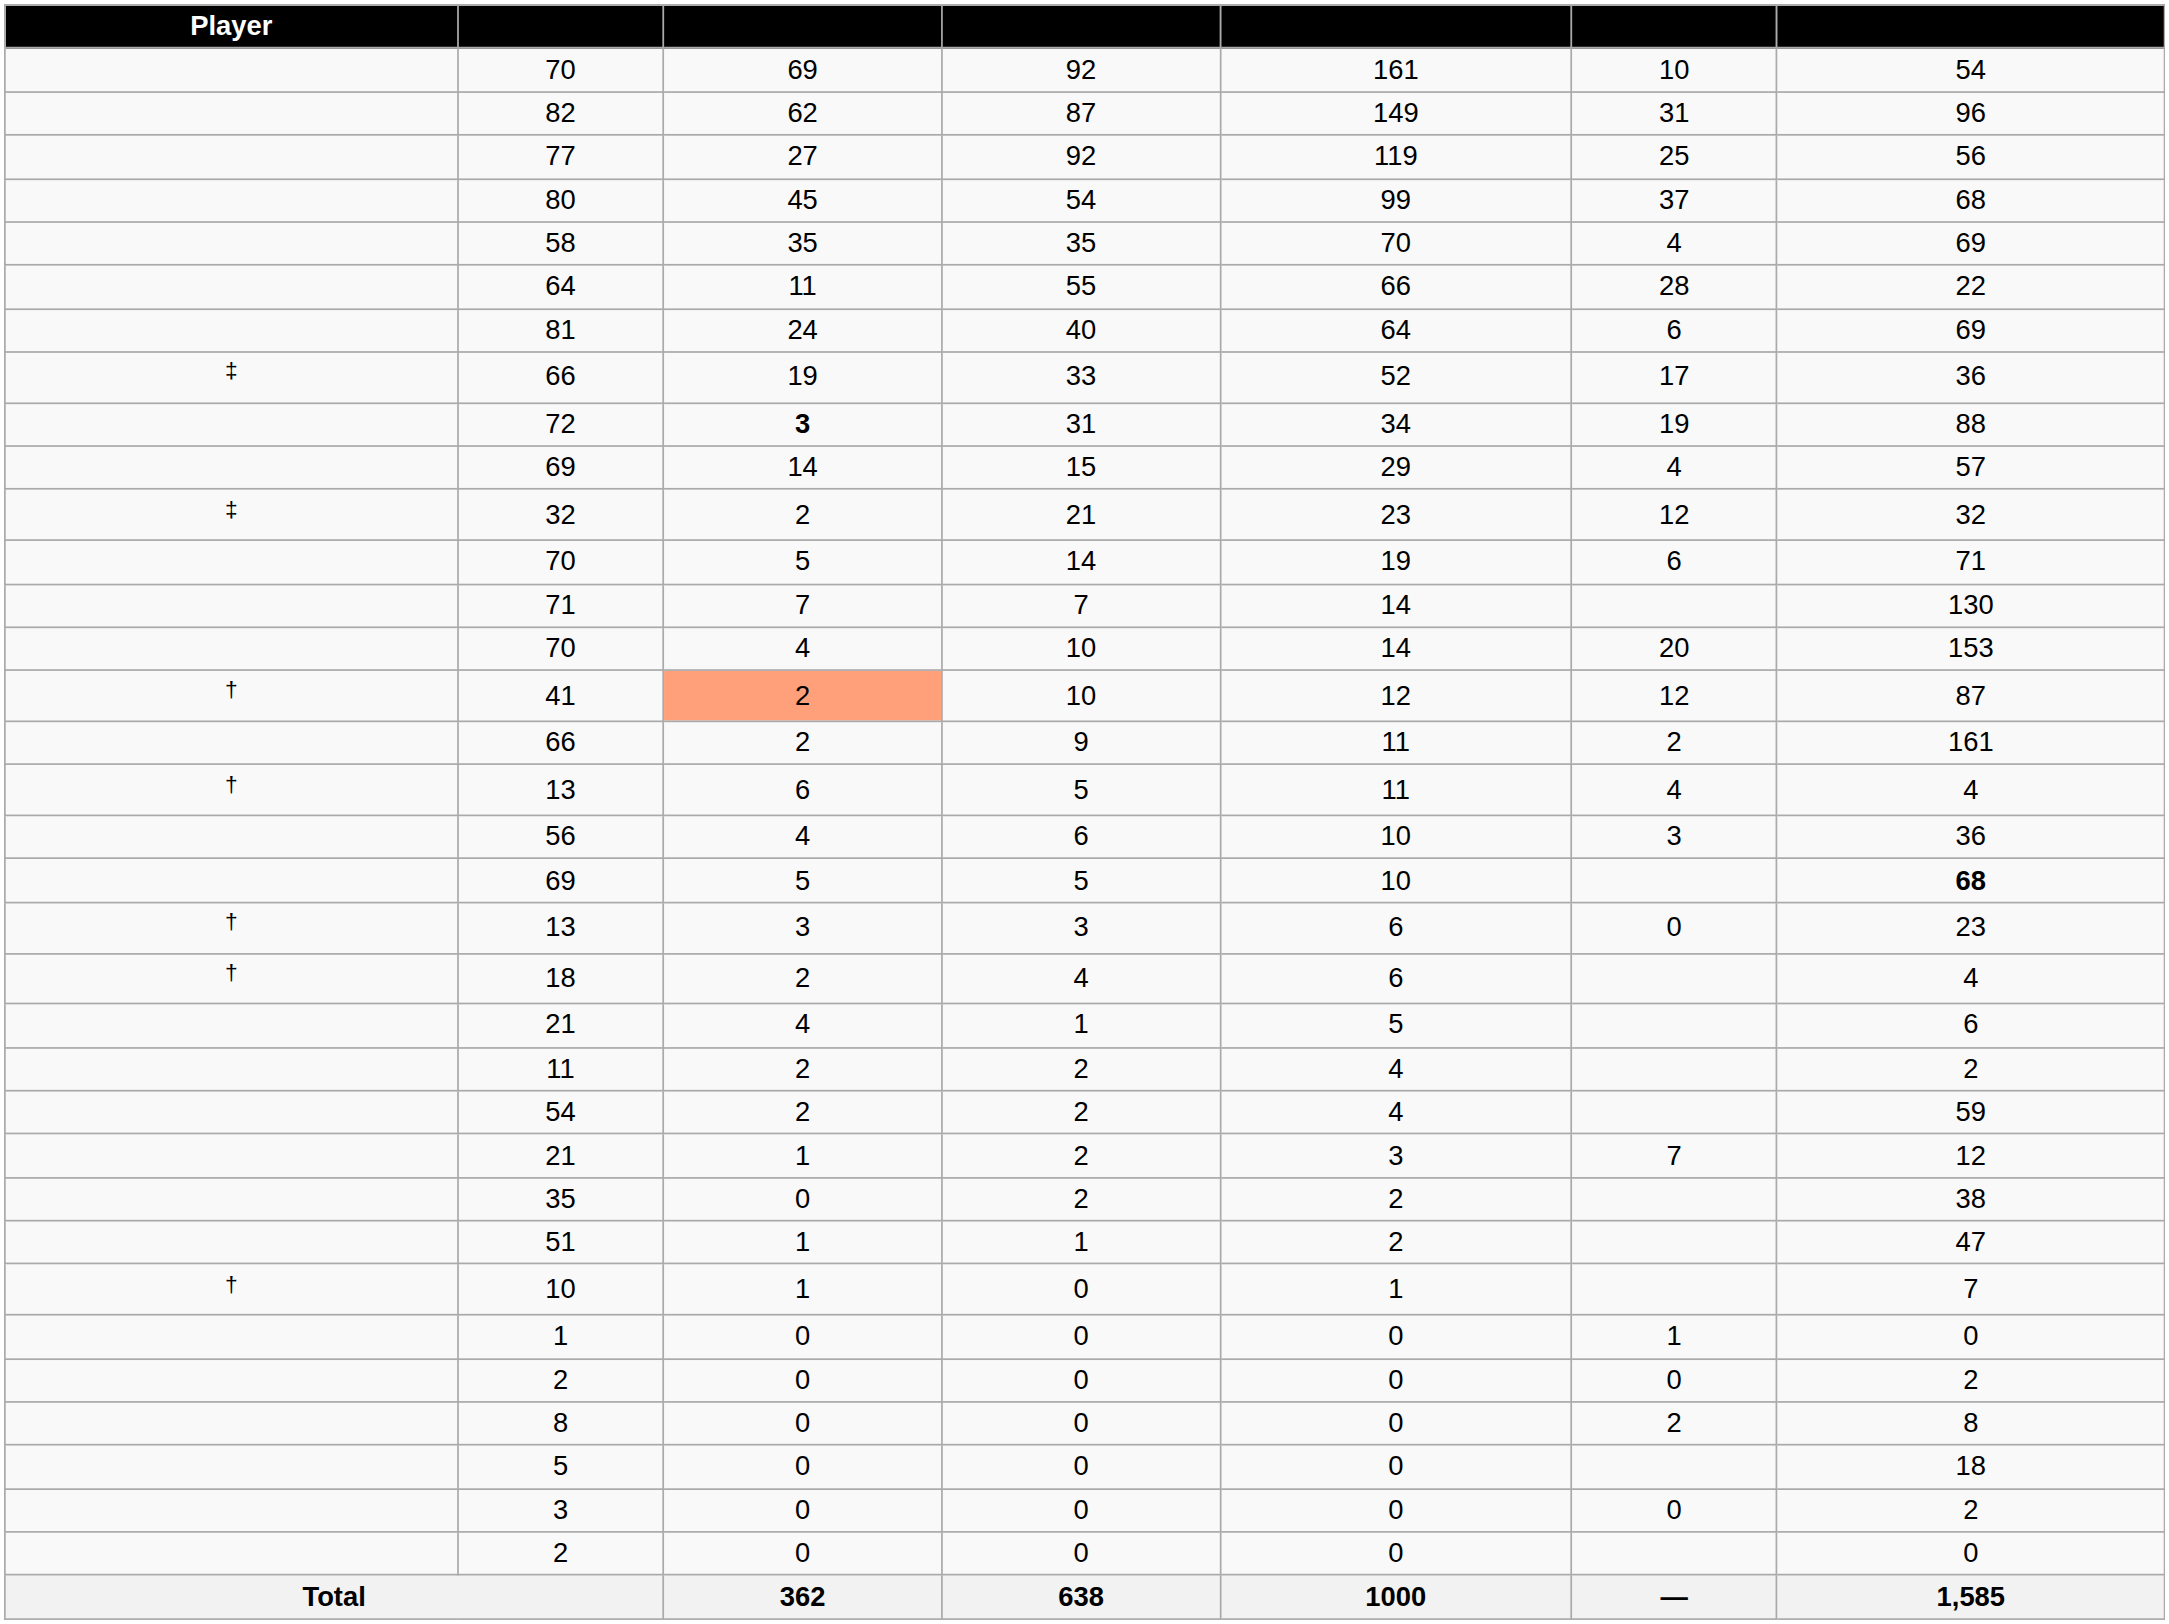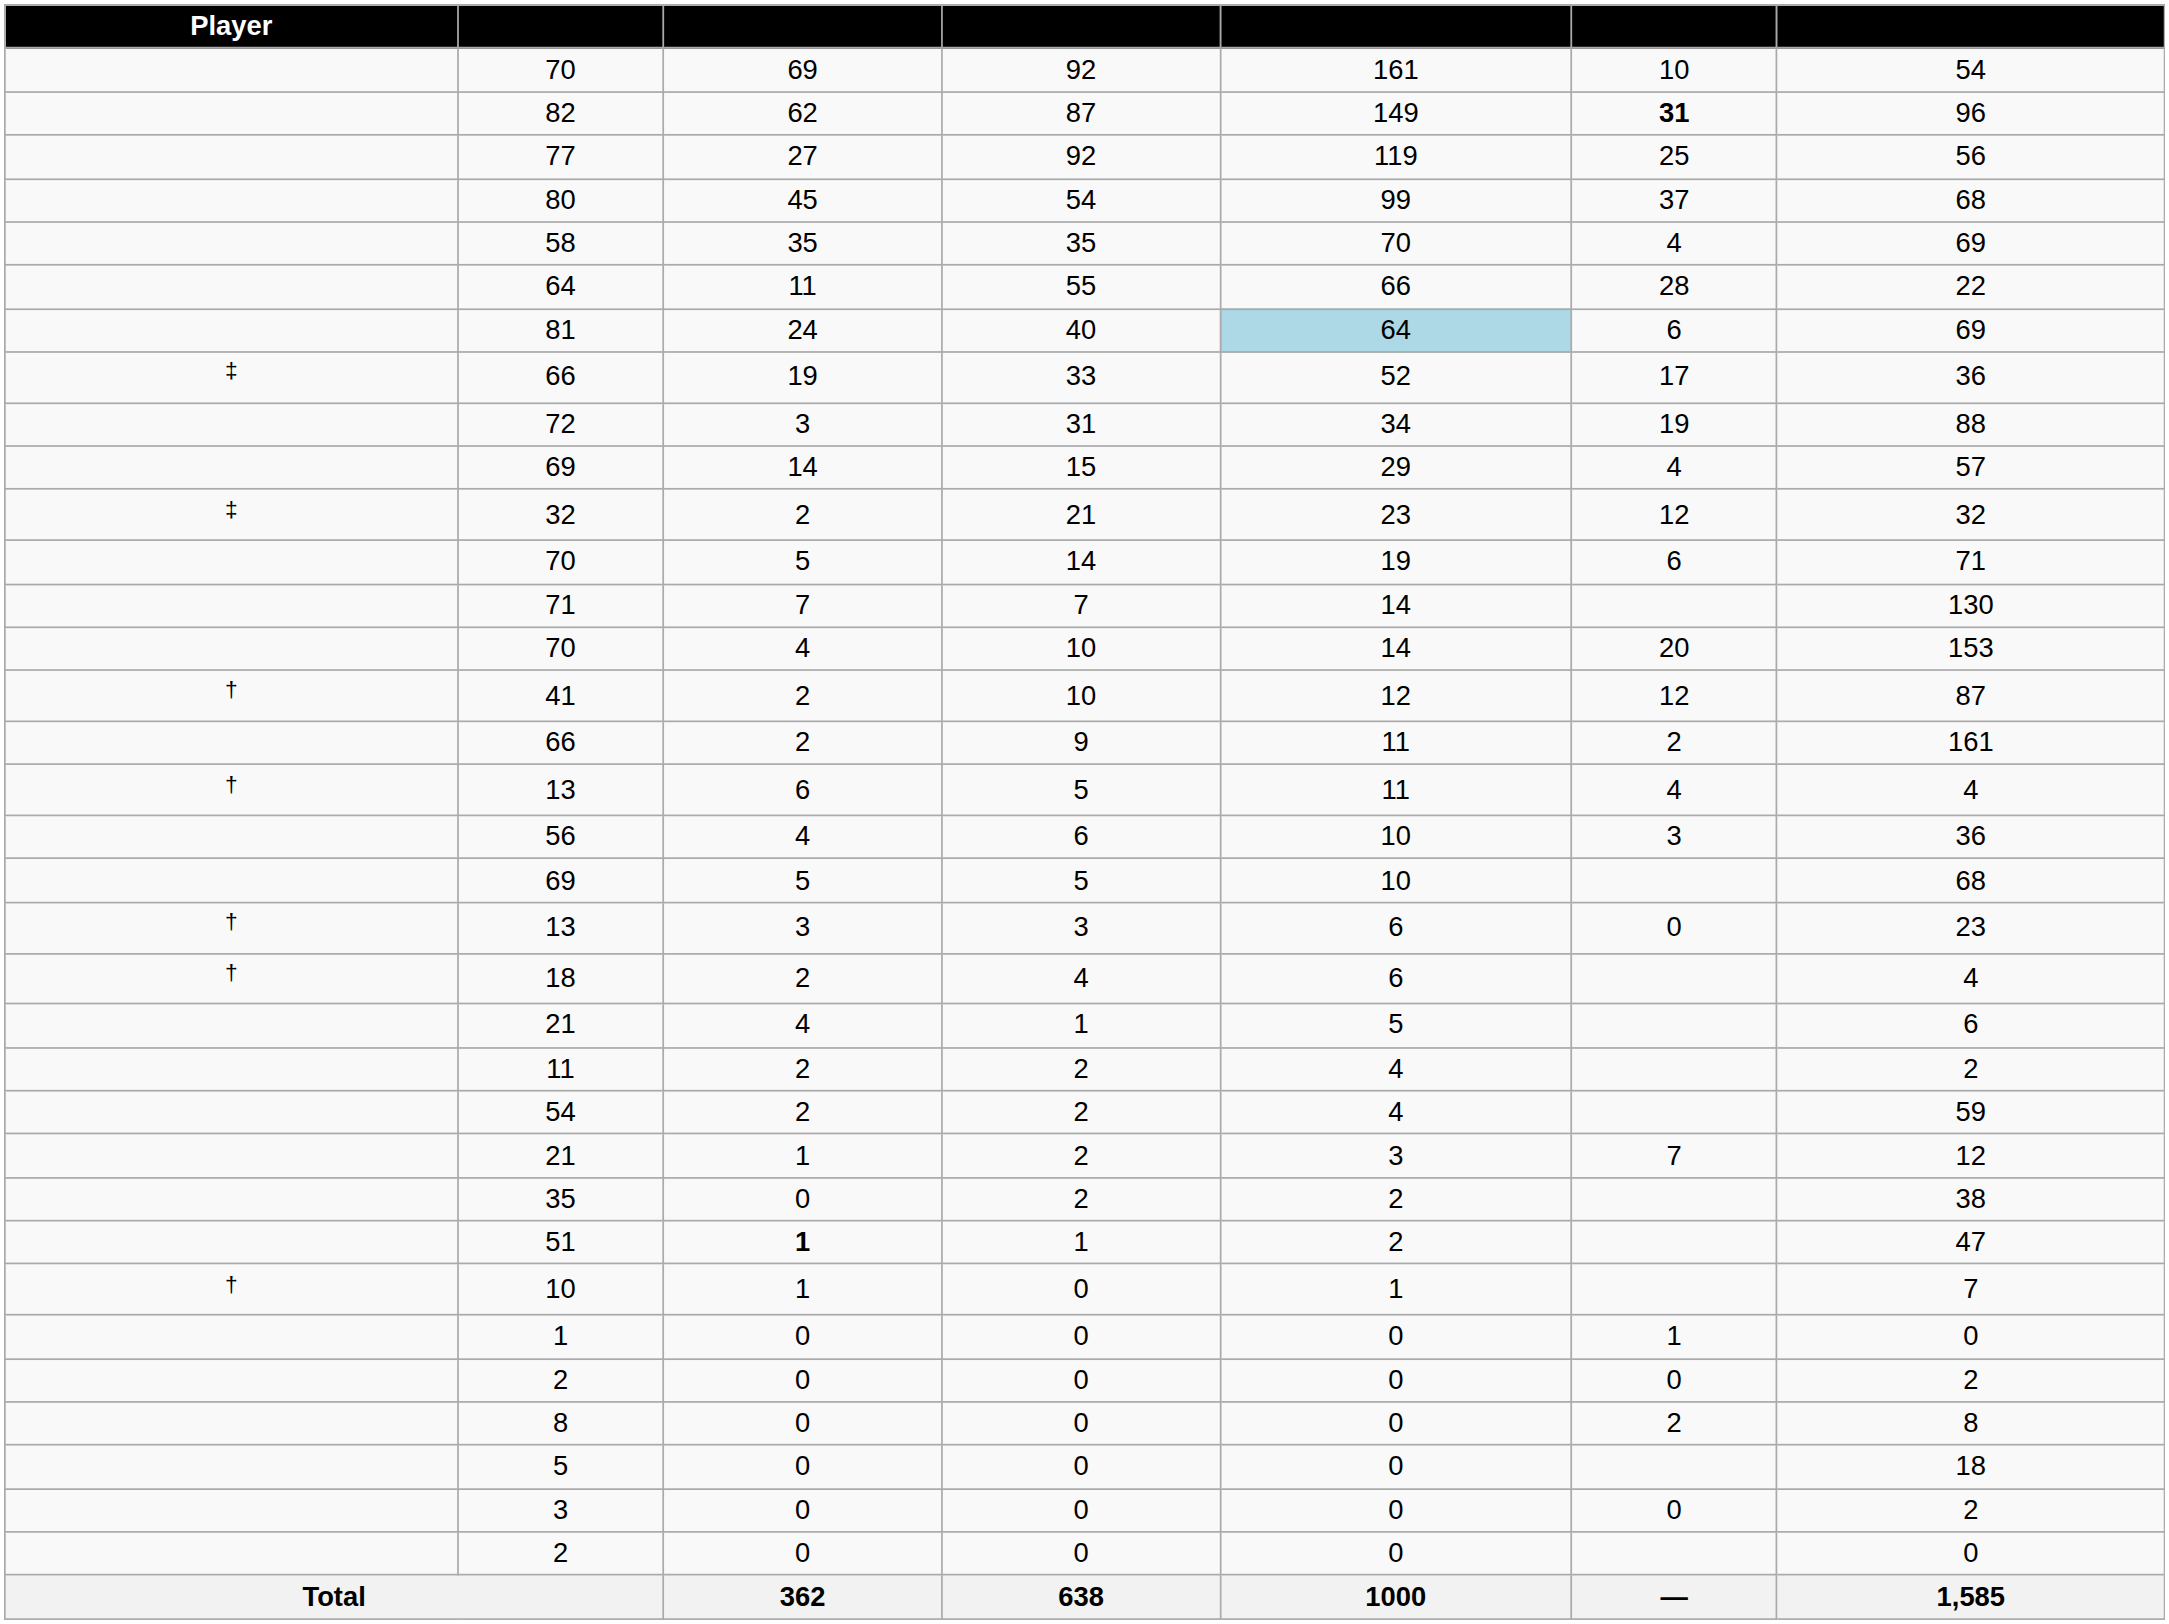 <table class="wikitable sortable" style="width:100%; text-align:center;">
 <tr align=center>
 <th style="color:white; background:#000000; ">Player</th>
 <th style="color:white; background:#000000; "></th>
 <th style="color:white; background:#000000; "></th>
 <th style="color:white; background:#000000; "></th>
 <th style="color:white; background:#000000; "></th>
 <th style="color:white; background:#000000; "></th>
 <th style="color:white; background:#000000; "></th>
 </tr>
 <tr>
 <td></td>
 <td>70</td>
 <td>69</td>
 <td>92</td>
 <td>161</td>
 <td>10</td>
 <td>54</td>
 </tr>
 <tr>
 <td></td>
 <td>82</td>
 <td>62</td>
 <td>87</td>
 <td>149</td>
-<td>31</td>
+<td><strong>31</strong></td>
 <td>96</td>
 </tr>
 <tr>
 <td></td>
 <td>77</td>
 <td>27</td>
 <td>92</td>
 <td>119</td>
 <td>25</td>
 <td>56</td>
 </tr>
 <tr>
 <td></td>
 <td>80</td>
 <td>45</td>
 <td>54</td>
 <td>99</td>
 <td>37</td>
 <td>68</td>
 </tr>
 <tr>
 <td></td>
 <td>58</td>
 <td>35</td>
 <td>35</td>
 <td>70</td>
 <td>4</td>
 <td>69</td>
 </tr>
 <tr>
 <td></td>
 <td>64</td>
 <td>11</td>
 <td>55</td>
 <td>66</td>
 <td>28</td>
 <td>22</td>
 </tr>
 <tr>
 <td></td>
 <td>81</td>
 <td>24</td>
 <td>40</td>
-<td>64</td>
+<td style="background: lightblue;">64</td>
 <td>6</td>
 <td>69</td>
 </tr>
 <tr>
 <td><sup>‡</sup></td>
 <td>66</td>
 <td>19</td>
 <td>33</td>
 <td>52</td>
 <td>17</td>
 <td>36</td>
 </tr>
 <tr>
 <td></td>
 <td>72</td>
-<td><strong>3</strong></td>
+<td>3</td>
 <td>31</td>
 <td>34</td>
 <td>19</td>
 <td>88</td>
 </tr>
 <tr>
 <td></td>
 <td>69</td>
 <td>14</td>
 <td>15</td>
 <td>29</td>
 <td>4</td>
 <td>57</td>
 </tr>
 <tr>
 <td><sup>‡</sup></td>
 <td>32</td>
 <td>2</td>
 <td>21</td>
 <td>23</td>
 <td>12</td>
 <td>32</td>
 </tr>
 <tr>
 <td></td>
 <td>70</td>
 <td>5</td>
 <td>14</td>
 <td>19</td>
 <td>6</td>
 <td>71</td>
 </tr>
 <tr>
 <td></td>
 <td>71</td>
 <td>7</td>
 <td>7</td>
 <td>14</td>
 <td></td>
 <td>130</td>
 </tr>
 <tr>
 <td></td>
 <td>70</td>
 <td>4</td>
 <td>10</td>
 <td>14</td>
 <td>20</td>
 <td>153</td>
 </tr>
 <tr>
 <td><sup>†</sup></td>
 <td>41</td>
-<td style="background: lightsalmon;">2</td>
+<td>2</td>
 <td>10</td>
 <td>12</td>
 <td>12</td>
 <td>87</td>
 </tr>
 <tr>
 <td></td>
 <td>66</td>
 <td>2</td>
 <td>9</td>
 <td>11</td>
 <td>2</td>
 <td>161</td>
 </tr>
 <tr>
 <td><sup>†</sup></td>
 <td>13</td>
 <td>6</td>
 <td>5</td>
 <td>11</td>
 <td>4</td>
 <td>4</td>
 </tr>
 <tr>
 <td></td>
 <td>56</td>
 <td>4</td>
 <td>6</td>
 <td>10</td>
 <td>3</td>
 <td>36</td>
 </tr>
 <tr>
 <td></td>
 <td>69</td>
 <td>5</td>
 <td>5</td>
 <td>10</td>
 <td></td>
-<td><strong>68</strong></td>
+<td>68</td>
 </tr>
 <tr>
 <td><sup>†</sup></td>
 <td>13</td>
 <td>3</td>
 <td>3</td>
 <td>6</td>
 <td>0</td>
 <td>23</td>
 </tr>
 <tr>
 <td><sup>†</sup></td>
 <td>18</td>
 <td>2</td>
 <td>4</td>
 <td>6</td>
 <td></td>
 <td>4</td>
 </tr>
 <tr>
 <td></td>
 <td>21</td>
 <td>4</td>
 <td>1</td>
 <td>5</td>
 <td></td>
 <td>6</td>
 </tr>
 <tr>
 <td></td>
 <td>11</td>
 <td>2</td>
 <td>2</td>
 <td>4</td>
 <td></td>
 <td>2</td>
 </tr>
 <tr>
 <td></td>
 <td>54</td>
 <td>2</td>
 <td>2</td>
 <td>4</td>
 <td></td>
 <td>59</td>
 </tr>
 <tr>
 <td></td>
 <td>21</td>
 <td>1</td>
 <td>2</td>
 <td>3</td>
 <td>7</td>
 <td>12</td>
 </tr>
 <tr>
 <td></td>
 <td>35</td>
 <td>0</td>
 <td>2</td>
 <td>2</td>
 <td></td>
 <td>38</td>
 </tr>
 <tr>
 <td></td>
 <td>51</td>
-<td>1</td>
+<td><strong>1</strong></td>
 <td>1</td>
 <td>2</td>
 <td></td>
 <td>47</td>
 </tr>
 <tr>
 <td><sup>†</sup></td>
 <td>10</td>
 <td>1</td>
 <td>0</td>
 <td>1</td>
 <td></td>
 <td>7</td>
 </tr>
 <tr>
 <td></td>
 <td>1</td>
 <td>0</td>
 <td>0</td>
 <td>0</td>
 <td>1</td>
 <td>0</td>
 </tr>
 <tr>
 <td></td>
 <td>2</td>
 <td>0</td>
 <td>0</td>
 <td>0</td>
 <td>0</td>
 <td>2</td>
 </tr>
 <tr>
 <td></td>
 <td>8</td>
 <td>0</td>
 <td>0</td>
 <td>0</td>
 <td>2</td>
 <td>8</td>
 </tr>
 <tr>
 <td></td>
 <td>5</td>
 <td>0</td>
 <td>0</td>
 <td>0</td>
 <td></td>
 <td>18</td>
 </tr>
 <tr>
 <td></td>
 <td>3</td>
 <td>0</td>
 <td>0</td>
 <td>0</td>
 <td>0</td>
 <td>2</td>
 </tr>
 <tr>
 <td></td>
 <td>2</td>
 <td>0</td>
 <td>0</td>
 <td>0</td>
 <td></td>
 <td>0</td>
 </tr>
 <tr class="sortbotom">
 <th colspan=2>Total</th>
 <th>362</th>
 <th>638</th>
 <th>1000</th>
 <th>—</th>
 <th>1,585</th>
 </tr>
 </table>
